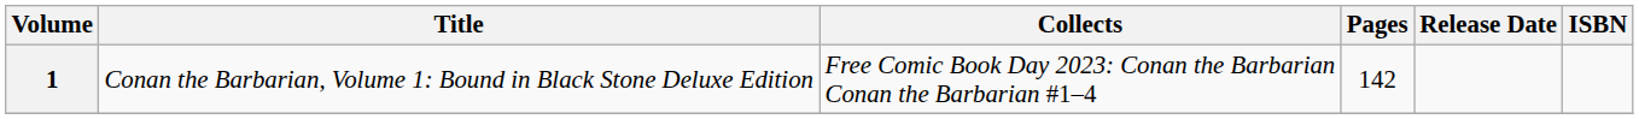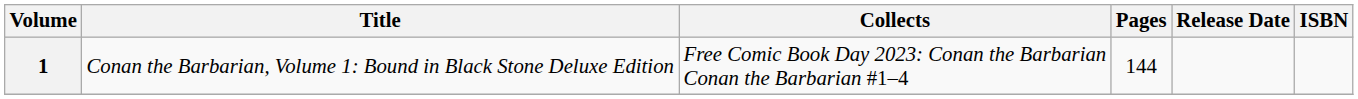 <table class="wikitable">
 <tr>
 <th>Volume</th>
 <th>Title</th>
 <th>Collects</th>
 <th>Pages</th>
 <th>Release Date</th>
 <th>ISBN</th>
 </tr>
 <tr>
 <th>1</th>
 <td><em>Conan the Barbarian, Volume 1: Bound in Black Stone Deluxe Edition</em></td>
 <td><em>Free Comic Book Day 2023: Conan the Barbarian</em><br><em>Conan the Barbarian</em> #1–4</td>
-<td align="center">142</td>
+<td align="center">144</td>
 <td></td>
 <td></td>
 </tr>
 <tr>
 </tr>
 </table>
